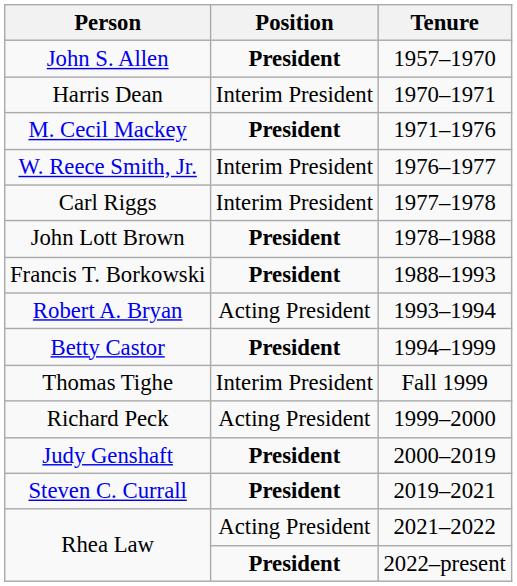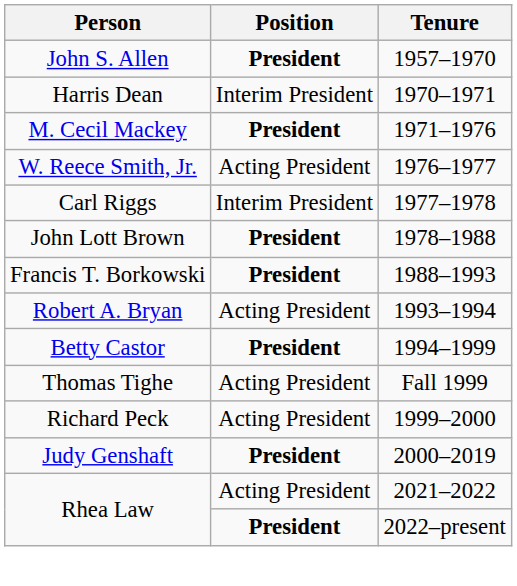 <table class="wikitable sortable" style="text-align:center;">
 <tr>
 <th style="text-align:center;">Person</th>
 <th style="text-align:center;">Position</th>
 <th style="text-align:center;">Tenure</th>
 </tr>
 <tr>
 <td><a href='#'>John S. Allen</a></td>
 <td><strong>President</strong></td>
 <td>1957–1970</td>
 </tr>
 <tr>
 <td>Harris Dean</td>
 <td>Interim President</td>
 <td>1970–1971</td>
 </tr>
 <tr>
 <td><a href='#'>M. Cecil Mackey</a></td>
 <td><strong>President</strong></td>
 <td>1971–1976</td>
 </tr>
 <tr>
 <td><a href='#'>W. Reece Smith, Jr.</a></td>
-<td>Interim President</td>
+<td>Acting President</td>
 <td>1976–1977</td>
 </tr>
 <tr>
 <td>Carl Riggs</td>
 <td>Interim President</td>
 <td>1977–1978</td>
 </tr>
 <tr>
 <td>John Lott Brown</td>
 <td><strong>President</strong></td>
 <td>1978–1988</td>
 </tr>
 <tr>
 <td>Francis T. Borkowski</td>
 <td><strong>President</strong></td>
 <td>1988–1993</td>
 </tr>
 <tr>
 <td><a href='#'>Robert A. Bryan</a></td>
 <td>Acting President</td>
 <td>1993–1994</td>
 </tr>
 <tr>
 <td><a href='#'>Betty Castor</a></td>
 <td><strong>President</strong></td>
 <td>1994–1999</td>
 </tr>
 <tr>
 <td>Thomas Tighe</td>
-<td>Interim President</td>
+<td>Acting President</td>
 <td>Fall 1999</td>
 </tr>
 <tr>
 <td>Richard Peck</td>
 <td>Acting President</td>
 <td>1999–2000</td>
 </tr>
 <tr>
 <td><a href='#'>Judy Genshaft</a></td>
 <td><strong>President</strong></td>
 <td>2000–2019</td>
 </tr>
 <tr>
-<td><a href='#'>Steven C. Currall</a></td>
-<td><strong>President</strong></td>
-<td>2019–2021</td>
-</tr>
-<tr>
 <td rowspan="2">Rhea Law</td>
 <td>Acting President</td>
 <td>2021–2022</td>
 </tr>
 <tr>
 <td><strong>President</strong></td>
 <td>2022–present</td>
 </tr>
 </table>
